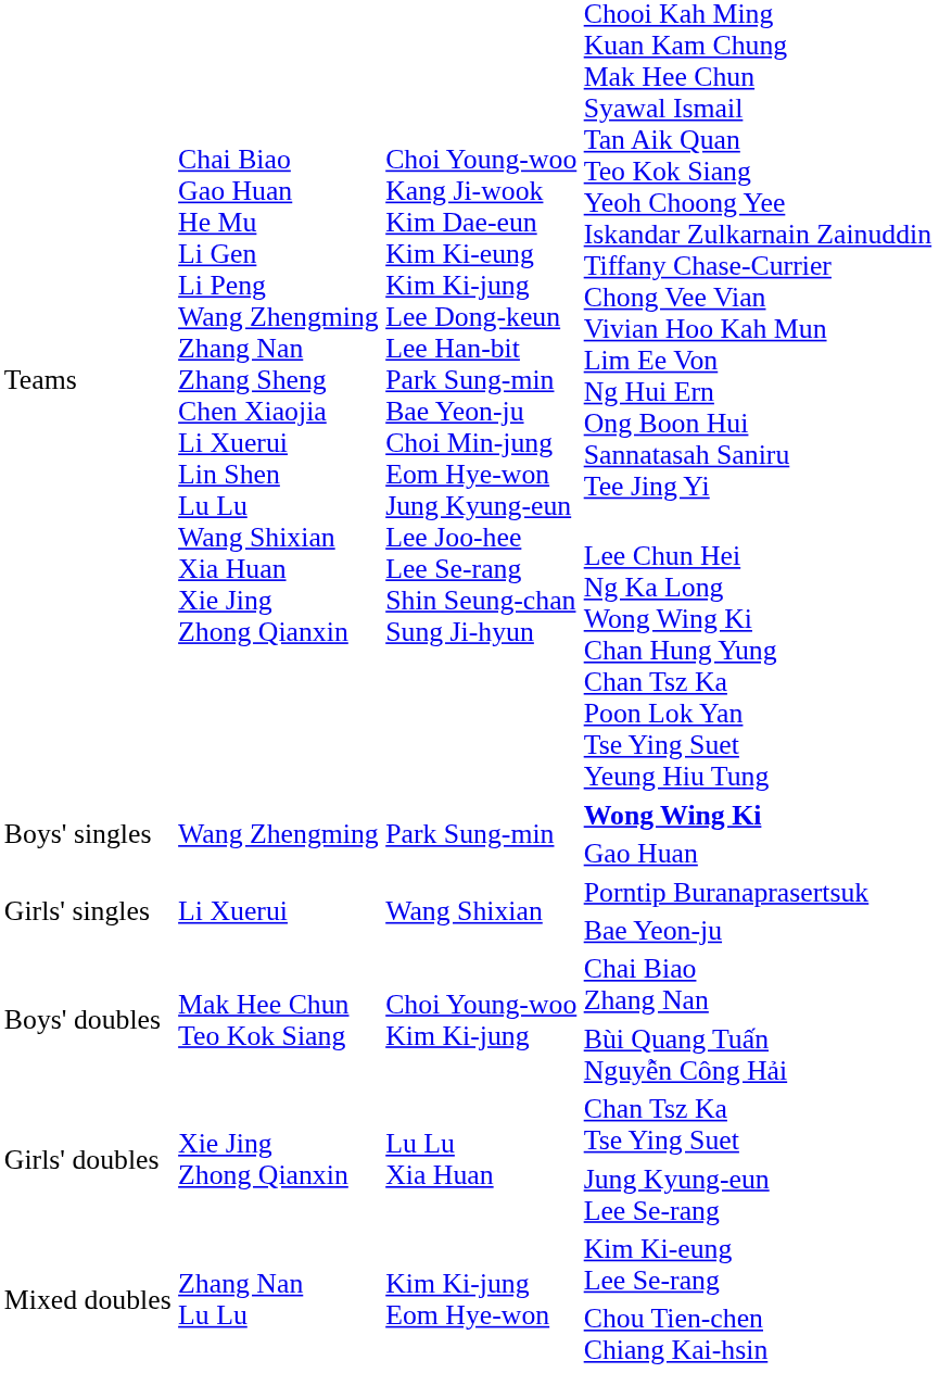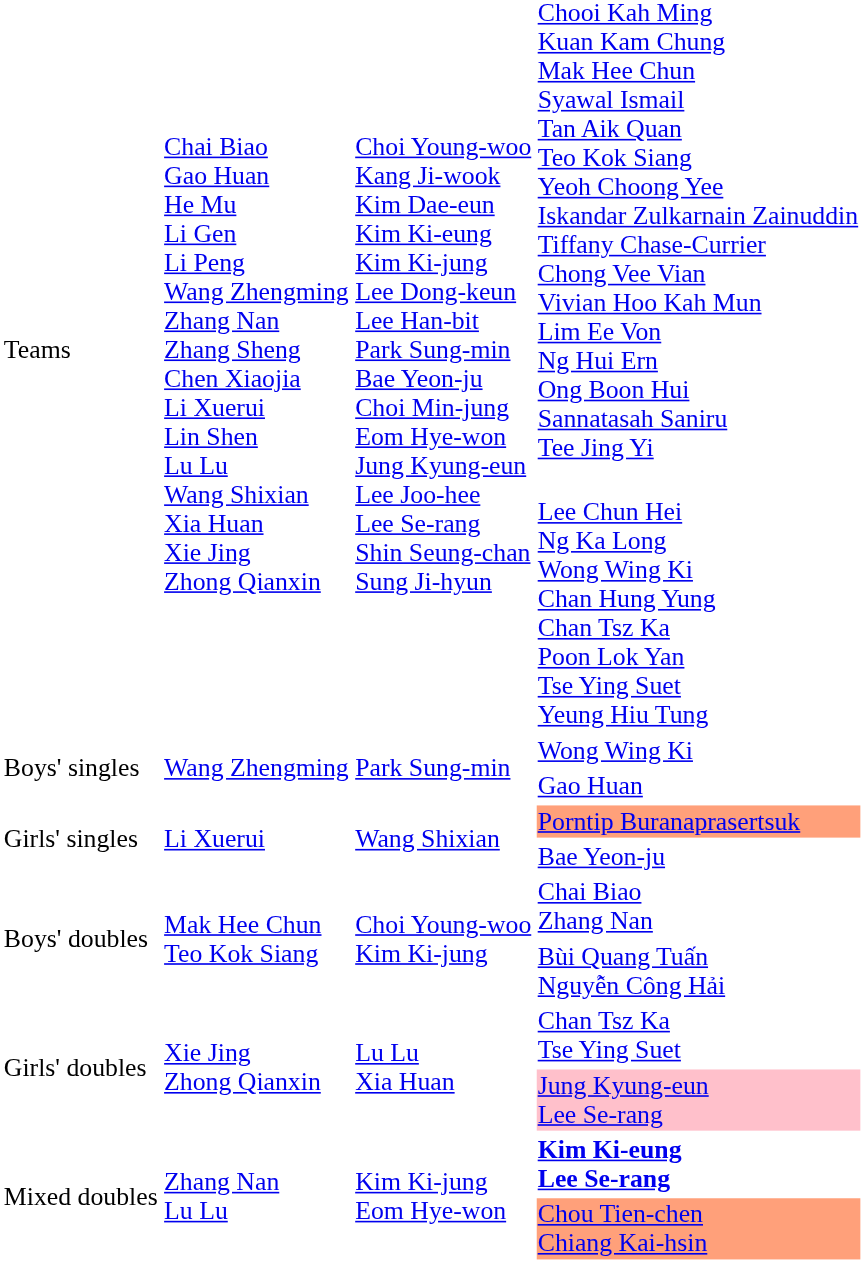 <table>
 <tr>
 <td rowspan=2>Teams<br></td>
 <td rowspan=2><br><a href='#'>Chai Biao</a><br><a href='#'>Gao Huan</a><br><a href='#'>He Mu</a><br><a href='#'>Li Gen</a><br><a href='#'>Li Peng</a><br><a href='#'>Wang Zhengming</a><br><a href='#'>Zhang Nan</a><br><a href='#'>Zhang Sheng</a><br><a href='#'>Chen Xiaojia</a><br><a href='#'>Li Xuerui</a><br><a href='#'>Lin Shen</a><br><a href='#'>Lu Lu</a><br><a href='#'>Wang Shixian</a><br><a href='#'>Xia Huan</a><br><a href='#'>Xie Jing</a><br><a href='#'>Zhong Qianxin</a></td>
 <td rowspan=2><br><a href='#'>Choi Young-woo</a><br><a href='#'>Kang Ji-wook</a><br><a href='#'>Kim Dae-eun</a><br><a href='#'>Kim Ki-eung</a><br><a href='#'>Kim Ki-jung</a><br><a href='#'>Lee Dong-keun</a><br><a href='#'>Lee Han-bit</a><br><a href='#'>Park Sung-min</a><br><a href='#'>Bae Yeon-ju</a><br><a href='#'>Choi Min-jung</a><br><a href='#'>Eom Hye-won</a><br><a href='#'>Jung Kyung-eun</a><br><a href='#'>Lee Joo-hee</a><br><a href='#'>Lee Se-rang</a><br><a href='#'>Shin Seung-chan</a><br><a href='#'>Sung Ji-hyun</a></td>
 <td><br><a href='#'>Chooi Kah Ming</a><br><a href='#'>Kuan Kam Chung</a><br><a href='#'>Mak Hee Chun</a><br><a href='#'>Syawal Ismail</a><br><a href='#'>Tan Aik Quan</a><br><a href='#'>Teo Kok Siang</a><br><a href='#'>Yeoh Choong Yee</a><br><a href='#'>Iskandar Zulkarnain Zainuddin</a><br><a href='#'>Tiffany Chase-Currier</a><br><a href='#'>Chong Vee Vian</a><br><a href='#'>Vivian Hoo Kah Mun</a><br><a href='#'>Lim Ee Von</a><br><a href='#'>Ng Hui Ern</a><br><a href='#'>Ong Boon Hui</a><br><a href='#'>Sannatasah Saniru</a><br><a href='#'>Tee Jing Yi</a></td>
 </tr>
 <tr>
 <td><br><a href='#'>Lee Chun Hei</a><br><a href='#'>Ng Ka Long</a><br><a href='#'>Wong Wing Ki</a><br><a href='#'>Chan Hung Yung</a><br><a href='#'>Chan Tsz Ka</a><br><a href='#'>Poon Lok Yan</a><br><a href='#'>Tse Ying Suet</a><br><a href='#'>Yeung Hiu Tung</a></td>
 </tr>
 <tr>
 <td rowspan=2>Boys' singles<br></td>
 <td rowspan=2> <a href='#'>Wang Zhengming</a></td>
 <td rowspan=2> <a href='#'>Park Sung-min</a></td>
-<td><strong> <a href='#'>Wong Wing Ki</a></strong></td>
+<td> <a href='#'>Wong Wing Ki</a></td>
 </tr>
 <tr>
 <td> <a href='#'>Gao Huan</a></td>
 </tr>
 <tr>
 <td rowspan=2>Girls' singles<br></td>
 <td rowspan=2> <a href='#'>Li Xuerui</a></td>
 <td rowspan=2> <a href='#'>Wang Shixian</a></td>
-<td> <a href='#'>Porntip Buranaprasertsuk</a></td>
+<td style="background: lightsalmon;"> <a href='#'>Porntip Buranaprasertsuk</a></td>
 </tr>
 <tr>
 <td> <a href='#'>Bae Yeon-ju</a></td>
 </tr>
 <tr>
 <td rowspan=2>Boys' doubles<br></td>
 <td rowspan=2> <a href='#'>Mak Hee Chun</a><br> <a href='#'>Teo Kok Siang</a></td>
 <td rowspan=2> <a href='#'>Choi Young-woo</a><br> <a href='#'>Kim Ki-jung</a></td>
 <td> <a href='#'>Chai Biao</a><br> <a href='#'>Zhang Nan</a></td>
 </tr>
 <tr>
 <td> <a href='#'>Bùi Quang Tuấn</a><br> <a href='#'>Nguyễn Công Hải</a></td>
 </tr>
 <tr>
 <td rowspan=2>Girls' doubles<br></td>
 <td rowspan=2> <a href='#'>Xie Jing</a><br> <a href='#'>Zhong Qianxin</a></td>
 <td rowspan=2> <a href='#'>Lu Lu</a><br> <a href='#'>Xia Huan</a></td>
 <td> <a href='#'>Chan Tsz Ka</a><br> <a href='#'>Tse Ying Suet</a></td>
 </tr>
 <tr>
-<td> <a href='#'>Jung Kyung-eun</a><br> <a href='#'>Lee Se-rang</a></td>
+<td style="background: pink;"> <a href='#'>Jung Kyung-eun</a><br> <a href='#'>Lee Se-rang</a></td>
 </tr>
 <tr>
 <td rowspan=2>Mixed doubles<br></td>
 <td rowspan=2> <a href='#'>Zhang Nan</a><br> <a href='#'>Lu Lu</a></td>
 <td rowspan=2> <a href='#'>Kim Ki-jung</a><br> <a href='#'>Eom Hye-won</a></td>
-<td> <a href='#'>Kim Ki-eung</a><br> <a href='#'>Lee Se-rang</a></td>
+<td><strong> <a href='#'>Kim Ki-eung</a><br> <a href='#'>Lee Se-rang</a></strong></td>
 </tr>
 <tr>
-<td> <a href='#'>Chou Tien-chen</a><br> <a href='#'>Chiang Kai-hsin</a></td>
+<td style="background: lightsalmon;"> <a href='#'>Chou Tien-chen</a><br> <a href='#'>Chiang Kai-hsin</a></td>
 </tr>
 </table>
